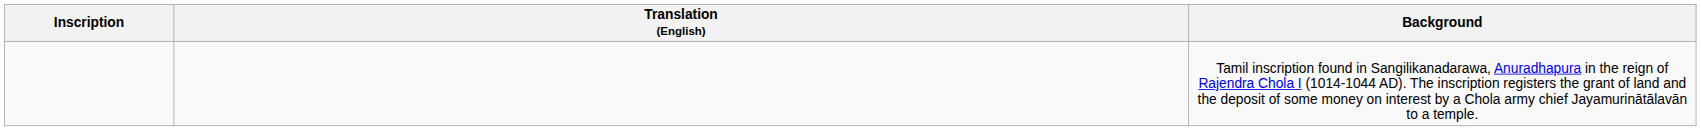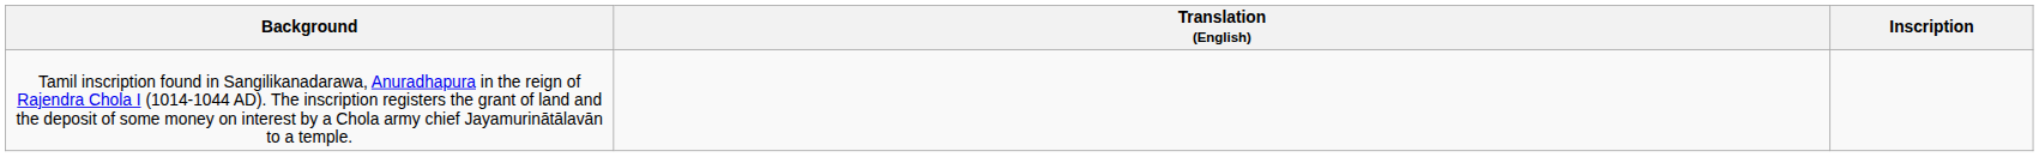 <table class="wikitable centre">
 <tr>
+<th scope="col" align=left>Background<br></th>
+<th>Translation<br><small>(English)</small></th>
 <th>Inscription<br></th>
-<th>Translation<br><small>(English)</small></th>
-<th scope="col" align=left>Background<br></th>
 </tr>
 <tr>
+<td align=center width="30%"><br>Tamil inscription found in Sangilikanadarawa, <a href='#'>Anuradhapura</a> in the reign of <a href='#'>Rajendra Chola I</a> (1014-1044 AD). The inscription registers the grant of land and the deposit of some money on interest by a Chola army chief Jayamurinātālavān to a temple.</td>
+<td align=left></td>
 <td align=center width="10%"></td>
-<td align=left></td>
-<td align=center width="30%"><br>Tamil inscription found in Sangilikanadarawa, <a href='#'>Anuradhapura</a> in the reign of <a href='#'>Rajendra Chola I</a> (1014-1044 AD). The inscription registers the grant of land and the deposit of some money on interest by a Chola army chief Jayamurinātālavān to a temple.</td>
 </tr>
 </table>
